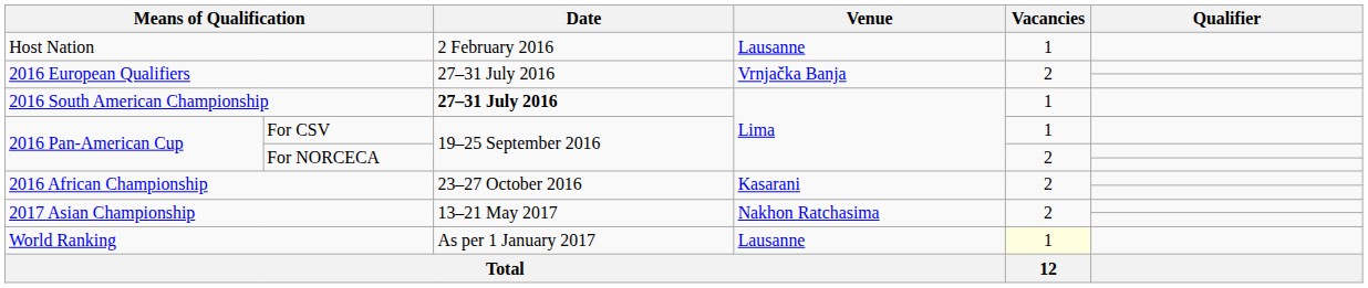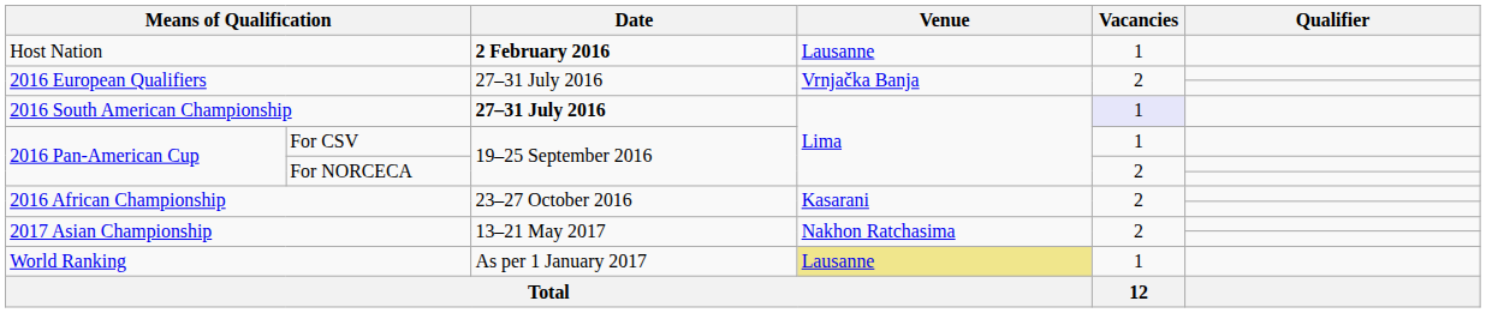 <table class="wikitable">
 <tr>
 <th width=30% colspan="2">Means of Qualification</th>
 <th width=21%>Date</th>
 <th width=19%>Venue</th>
 <th width=6%>Vacancies</th>
 <th width=19%>Qualifier</th>
 </tr>
 <tr>
 <td colspan="2">Host Nation</td>
-<td>2 February 2016</td>
+<td><strong>2 February 2016</strong></td>
 <td> <a href='#'>Lausanne</a></td>
 <td align="center">1</td>
 <td></td>
 </tr>
 <tr>
 <td colspan="2" rowspan="2"><a href='#'>2016 European Qualifiers</a></td>
 <td rowspan="2">27–31 July 2016</td>
 <td rowspan="2"> <a href='#'>Vrnjačka Banja</a></td>
 <td rowspan="2" align="center">2</td>
 <td></td>
 </tr>
 <tr>
 <td></td>
 </tr>
 <tr>
 <td colspan="2"><a href='#'>2016 South American Championship</a></td>
 <td><strong>27–31 July 2016</strong></td>
 <td rowspan="4"> <a href='#'>Lima</a></td>
-<td align="center">1</td>
+<td align="center" style="background: lavender;">1</td>
 <td></td>
 </tr>
 <tr>
 <td rowspan="3"><a href='#'>2016 Pan-American Cup</a></td>
 <td>For CSV</td>
 <td rowspan="3">19–25 September 2016</td>
 <td align="center">1</td>
 <td></td>
 </tr>
 <tr>
 <td rowspan="2">For NORCECA</td>
 <td rowspan="2" align="center">2</td>
 <td></td>
 </tr>
 <tr>
 <td></td>
 </tr>
 <tr>
 <td colspan="2" rowspan="2"><a href='#'>2016 African Championship</a></td>
 <td rowspan="2">23–27 October 2016</td>
 <td rowspan="2"> <a href='#'>Kasarani</a></td>
 <td rowspan="2" align="center">2</td>
 <td></td>
 </tr>
 <tr>
 <td></td>
 </tr>
 <tr>
 <td colspan="2" rowspan="2"><a href='#'>2017 Asian Championship</a></td>
 <td rowspan="2">13–21 May 2017</td>
 <td rowspan="2"> <a href='#'>Nakhon Ratchasima</a></td>
 <td rowspan="2" align="center">2</td>
 <td></td>
 </tr>
 <tr>
 <td></td>
 </tr>
 <tr>
 <td colspan="2"><a href='#'>World Ranking</a></td>
 <td>As per 1 January 2017</td>
-<td> <a href='#'>Lausanne</a></td>
-<td align="center" style="background: lightyellow;">1</td>
+<td style="background: khaki;"> <a href='#'>Lausanne</a></td>
+<td align="center">1</td>
 <td></td>
 </tr>
 <tr>
 <th colspan="4">Total</th>
 <th>12</th>
 <th></th>
 </tr>
 </table>
